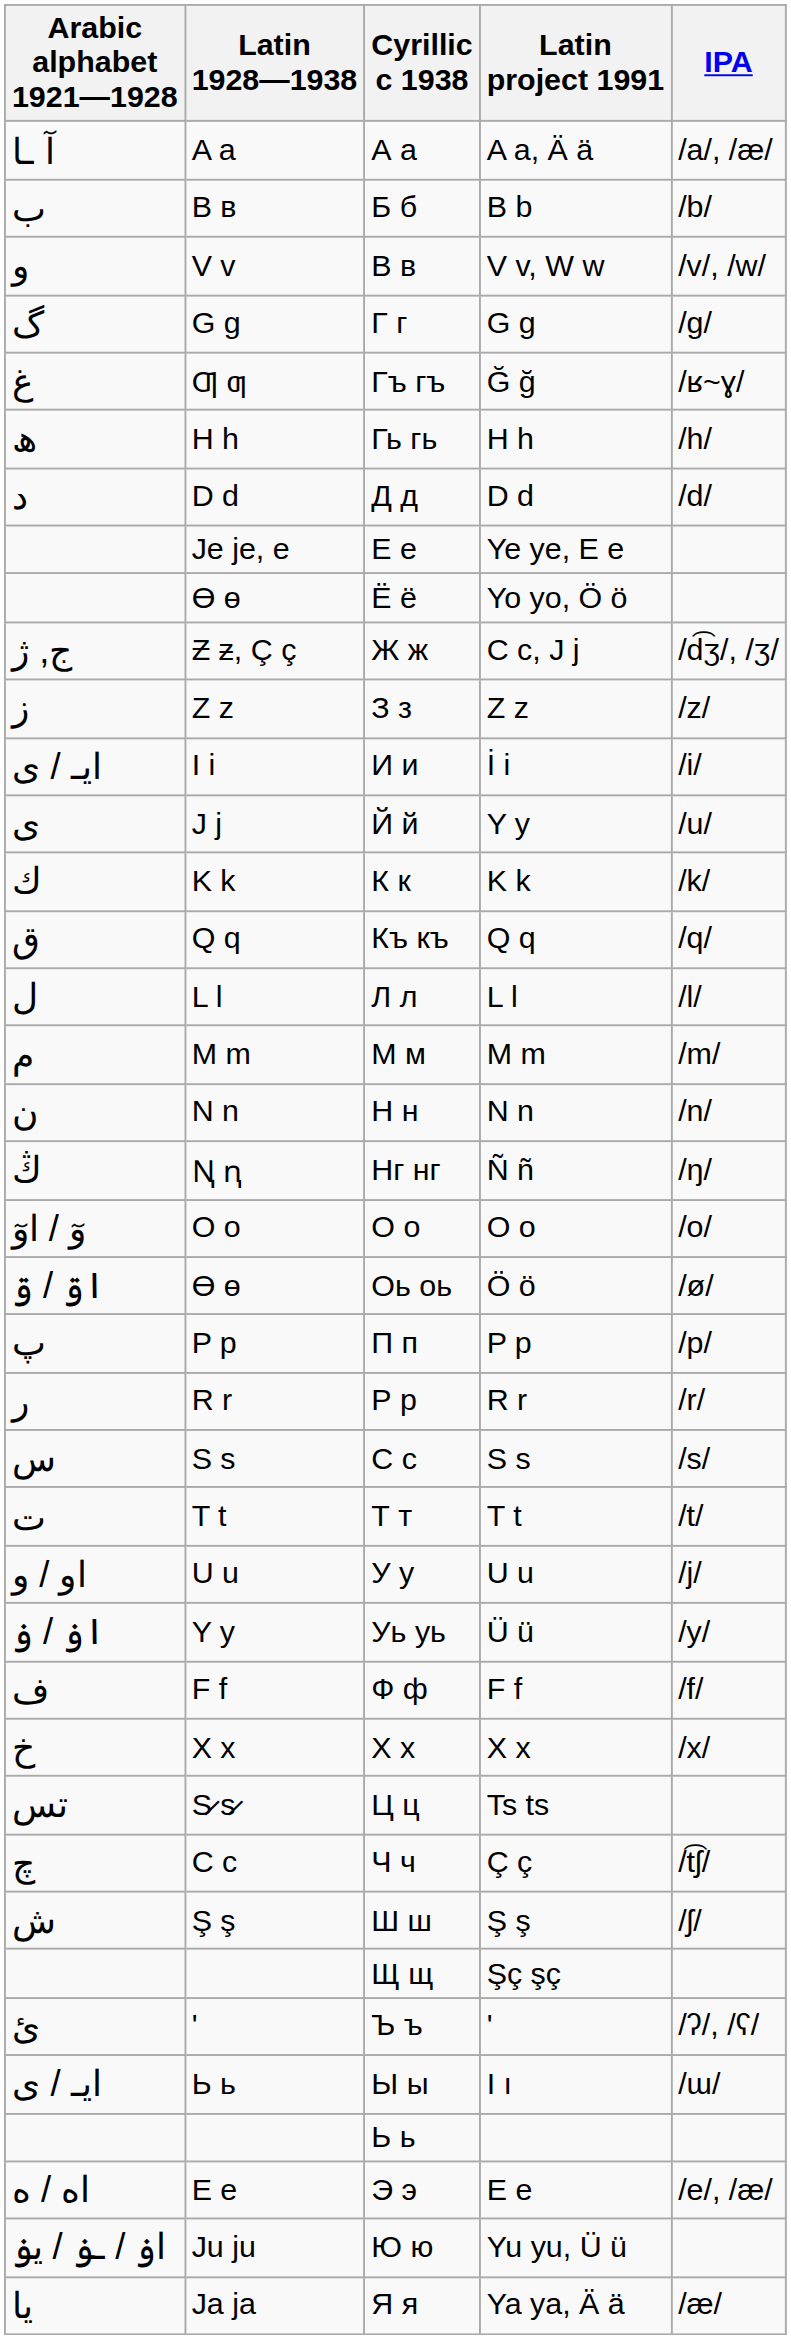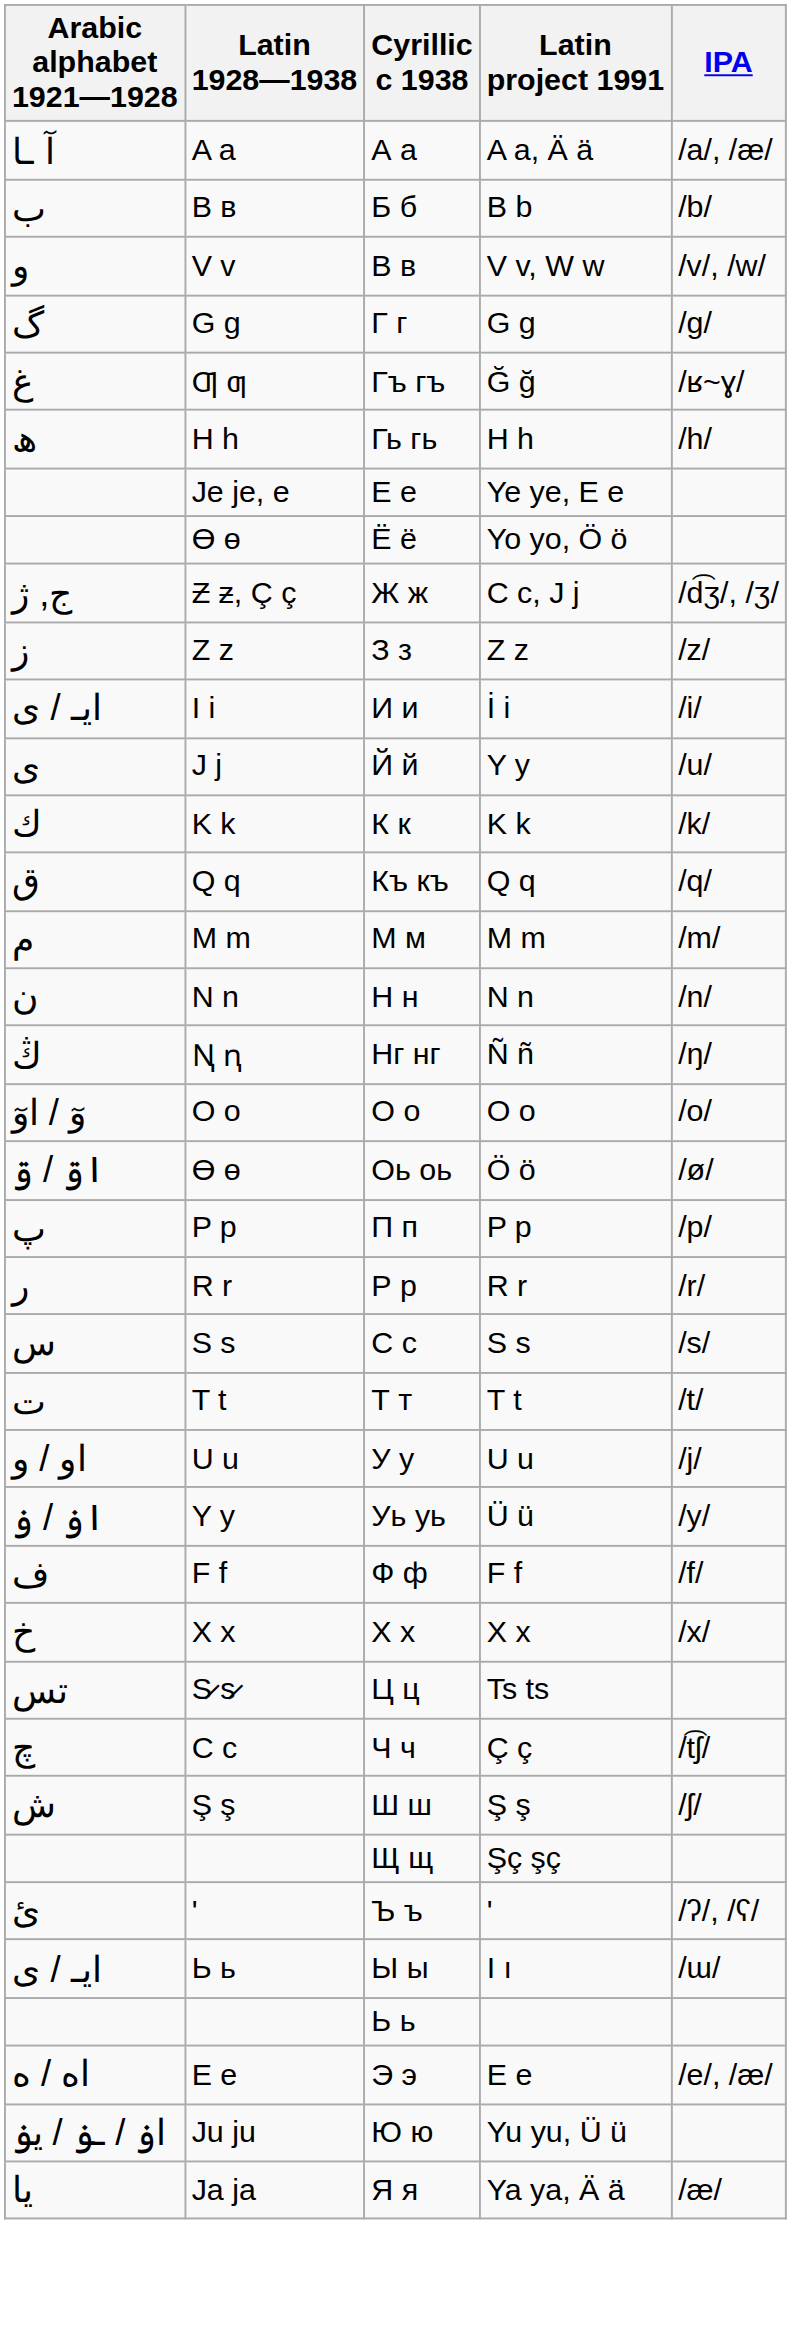 <table class="wikitable">
 <tr>
 <th>Arabic <br>alphabet <br>1921—1928</th>
 <th>Latin <br>1928—1938</th>
 <th>Cyrillic <br>c 1938</th>
 <th>Latin<br>project 1991</th>
 <th><a href='#'>IPA</a></th>
 </tr>
 <tr>
 <td><big>آ ـا</big></td>
 <td>A a</td>
 <td>А а</td>
 <td>A a, Ä ä</td>
 <td>/a/, /æ/</td>
 </tr>
 <tr>
 <td><big>ب</big></td>
 <td>B ʙ</td>
 <td>Б б</td>
 <td>B b</td>
 <td>/b/</td>
 </tr>
 <tr>
 <td><big>و</big></td>
 <td>V v</td>
 <td>В в</td>
 <td>V v, W w</td>
 <td>/v/, /w/</td>
 </tr>
 <tr>
 <td><big>گ</big></td>
 <td>G g</td>
 <td>Г г</td>
 <td>G g</td>
 <td>/g/</td>
 </tr>
 <tr>
 <td><big>غ</big></td>
 <td>Ƣ ƣ</td>
 <td>Гъ гъ</td>
 <td>Ğ ğ</td>
 <td>/ʁ~ɣ/</td>
 </tr>
 <tr>
 <td><big>ھ</big></td>
 <td>H h</td>
 <td>Гь гь</td>
 <td>H h</td>
 <td>/h/</td>
-</tr>
-<tr>
-<td><big>د</big></td>
-<td>D d</td>
-<td>Д д</td>
-<td>D d</td>
-<td>/d/</td>
 </tr>
 <tr>
 <td></td>
 <td>Je je, e</td>
 <td>Е е</td>
 <td>Ye ye, E e</td>
 <td></td>
 </tr>
 <tr>
 <td></td>
 <td>Ө ө</td>
 <td>Ё ё</td>
 <td>Yo yo, Ö ö</td>
 <td></td>
 </tr>
 <tr>
 <td><big>ج, ژ</big></td>
 <td>Ƶ ƶ, Ç ç</td>
 <td>Ж ж</td>
 <td>C c, J j</td>
 <td>/d͡ʒ/, /ʒ/</td>
 </tr>
 <tr>
 <td><big>ز</big></td>
 <td>Z z</td>
 <td>З з</td>
 <td>Z z</td>
 <td>/z/</td>
 </tr>
 <tr>
 <td><big>ایـ‌ / ی</big></td>
 <td>I i</td>
 <td>И и</td>
 <td>İ i</td>
 <td>/i/</td>
 </tr>
 <tr>
 <td><big>ی</big></td>
 <td>J j</td>
 <td>Й й</td>
 <td>Y y</td>
 <td>/u/</td>
 </tr>
 <tr>
 <td><big>ك</big></td>
 <td>K k</td>
 <td>К к</td>
 <td>K k</td>
 <td>/k/</td>
 </tr>
 <tr>
 <td><big>ق</big></td>
 <td>Q q</td>
 <td>Къ къ</td>
 <td>Q q</td>
 <td>/q/</td>
-</tr>
-<tr>
-<td><big>ل</big></td>
-<td>L l</td>
-<td>Л л</td>
-<td>L l</td>
-<td>/l/</td>
 </tr>
 <tr>
 <td><big>م</big></td>
 <td>M m</td>
 <td>М м</td>
 <td>M m</td>
 <td>/m/</td>
 </tr>
 <tr>
 <td><big>ن</big></td>
 <td>N n</td>
 <td>Н н</td>
 <td>N n</td>
 <td>/n/</td>
 </tr>
 <tr>
 <td><big>ڭ</big></td>
 <td>Ꞑ ꞑ</td>
 <td>Нг нг</td>
 <td>Ñ ñ</td>
 <td>/ŋ/</td>
 </tr>
 <tr>
 <td><big>اوٓ‎‎‎ / وٓ‎‎‎</big></td>
 <td>O o</td>
 <td>О о</td>
 <td>O o</td>
 <td>/o/</td>
 </tr>
 <tr>
 <td><big>اۊ / ۊ</big></td>
 <td>Ө ө</td>
 <td>Оь оь</td>
 <td>Ö ö</td>
 <td>/ø/</td>
 </tr>
 <tr>
 <td><big>پ</big></td>
 <td>P p</td>
 <td>П п</td>
 <td>P p</td>
 <td>/p/</td>
 </tr>
 <tr>
 <td><big>ر</big></td>
 <td>R r</td>
 <td>Р р</td>
 <td>R r</td>
 <td>/r/</td>
 </tr>
 <tr>
 <td><big>س</big></td>
 <td>S s</td>
 <td>С с</td>
 <td>S s</td>
 <td>/s/</td>
 </tr>
 <tr>
 <td><big>ت</big></td>
 <td>T t</td>
 <td>Т т</td>
 <td>T t</td>
 <td>/t/</td>
 </tr>
 <tr>
 <td><big>او / و</big></td>
 <td>U u</td>
 <td>У у</td>
 <td>U u</td>
 <td>/j/</td>
 </tr>
 <tr>
 <td><big>اۏ / ۏ</big></td>
 <td>Y y</td>
 <td>Уь уь</td>
 <td>Ü ü</td>
 <td>/y/</td>
 </tr>
 <tr>
 <td><big>ف</big></td>
 <td>F f</td>
 <td>Ф ф</td>
 <td>F f</td>
 <td>/f/</td>
 </tr>
 <tr>
 <td><big>خ</big></td>
 <td>X x</td>
 <td>Х х</td>
 <td>X x</td>
 <td>/x/</td>
 </tr>
 <tr>
 <td><big>تس</big></td>
 <td>S̷ s̷</td>
 <td>Ц ц</td>
 <td>Ts ts</td>
 <td></td>
 </tr>
 <tr>
 <td><big>چ</big></td>
 <td>C c</td>
 <td>Ч ч</td>
 <td>Ç ç</td>
 <td>/t͡ʃ/</td>
 </tr>
 <tr>
 <td><big>ش</big></td>
 <td>Ş ş</td>
 <td>Ш ш</td>
 <td>Ş ş</td>
 <td>/ʃ/</td>
 </tr>
 <tr>
 <td></td>
 <td></td>
 <td>Щ щ</td>
 <td>Şç şç</td>
 <td></td>
 </tr>
 <tr>
 <td><big>ئ</big></td>
 <td>'</td>
 <td>Ъ ъ</td>
 <td>'</td>
 <td>/ʔ/, /ʕ/</td>
 </tr>
 <tr>
 <td><big>ایـ / ی</big></td>
 <td>Ь ь</td>
 <td>Ы ы</td>
 <td>I ı</td>
 <td>/ɯ/</td>
 </tr>
 <tr>
 <td></td>
 <td></td>
 <td>Ь ь</td>
 <td></td>
 <td></td>
 </tr>
 <tr>
 <td><big>اه / ه</big></td>
 <td>E e</td>
 <td>Э э</td>
 <td>E e</td>
 <td>/e/, /æ/</td>
 </tr>
 <tr>
 <td><big>اۏ / ـۏ / یۏ</big></td>
 <td>Ju ju</td>
 <td>Ю ю</td>
 <td>Yu yu, Ü ü</td>
 <td></td>
 </tr>
 <tr>
 <td><big>یا</big></td>
 <td>Ja ja</td>
 <td>Я я</td>
 <td>Ya ya, Ä ä</td>
 <td>/æ/</td>
 </tr>
 </table>
